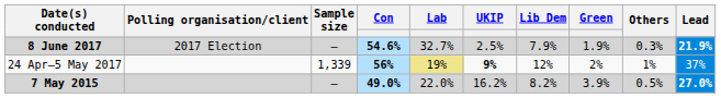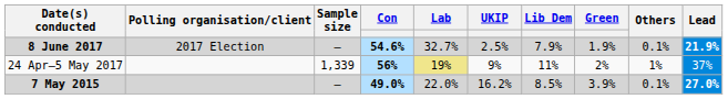 <table class="wikitable sortable mw-datatable" style="text-align:center;font-size:90%;line-height:14px;">
 <tr>
 <th rowspan="2">Date(s)<br>conducted</th>
 <th rowspan="2">Polling organisation/client</th>
 <th rowspan="2">Sample<br>size</th>
 <th style="width:50px;" class="unsortable"><a href='#'>Con</a></th>
 <th style="width:50px;" class="unsortable"><a href='#'>Lab</a></th>
 <th style="width:50px;" class="unsortable"><a href='#'>UKIP</a></th>
 <th style="width:50px;" class="unsortable"><a href='#'>Lib Dem</a></th>
 <th style="width:50px;" class="unsortable"><a href='#'>Green</a></th>
 <th style="width:50px;" rowspan="2" class="unsortable">Others</th>
 <th class="unsortable" style="width:20px;" rowspan="2">Lead</th>
 </tr>
 <tr>
 <th class="unsortable" style="color:inherit;background:"></th>
 <th class="unsortable" style="color:inherit;background:"></th>
 <th class="unsortable" style="color:inherit;background:"></th>
 <th class="unsortable" style="color:inherit;background:"></th>
 <th class="unsortable" style="color:inherit;background:"></th>
 </tr>
 <tr>
 <td style="background:#D5D5D5"><strong>8 June 2017</strong></td>
 <td style="background:#D5D5D5">2017 Election</td>
 <td style="background:#D5D5D5">–</td>
 <td style="background:#B3E0FF"><strong>54.6%</strong></td>
 <td style="background:#D5D5D5">32.7%</td>
 <td style="background:#D5D5D5">2.5%</td>
 <td style="background:#D5D5D5">7.9%</td>
 <td style="background:#D5D5D5">1.9%</td>
-<td style="background:#D5D5D5">0.3%</td>
+<td style="background:#D5D5D5">0.1%</td>
 <td style="background:#0087DC; color:white;"><strong>21.9%</strong></td>
 </tr>
 <tr>
 <td>24 Apr–5 May 2017</td>
 <td></td>
 <td>1,339</td>
 <td style="background:#B3E0FF"><strong>56%</strong></td>
 <td style="background: khaki;">19%</td>
-<td><strong>9%</strong></td>
-<td>12%</td>
+<td>9%</td>
+<td>11%</td>
 <td>2%</td>
 <td>1%</td>
 <td style="background:#0087DC; color:white;">37%</td>
 </tr>
 <tr>
 <td style="background:#D5D5D5"><strong>7 May 2015</strong></td>
 <td style="background:#D5D5D5"></td>
 <td style="background:#D5D5D5">–</td>
 <td style="background:#B3E0FF"><strong>49.0%</strong></td>
 <td style="background:#D5D5D5">22.0%</td>
 <td style="background:#D5D5D5">16.2%</td>
-<td style="background:#D5D5D5">8.2%</td>
+<td style="background:#D5D5D5">8.5%</td>
 <td style="background:#D5D5D5">3.9%</td>
-<td style="background:#D5D5D5">0.5%</td>
+<td style="background:#D5D5D5">0.1%</td>
 <td style="background:#0087DC; color:white;"><strong>27.0%</strong></td>
 </tr>
 </table>
